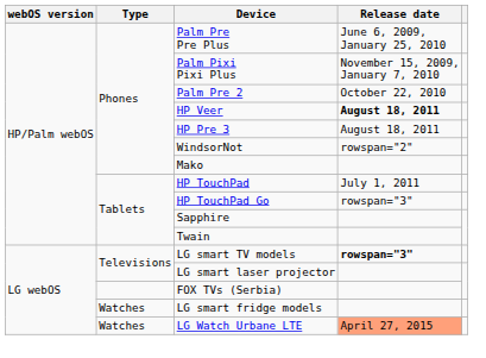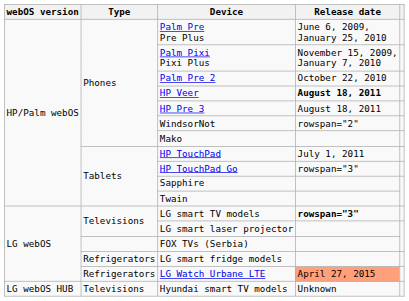 <table class="wikitable">
 <tr>
 <th>webOS version</th>
 <th>Type</th>
 <th>Device</th>
 <th>Release date</th>
 <th></th>
 </tr>
 <tr>
 <td rowspan="11">HP/Palm webOS</td>
 <td rowspan="7">Phones</td>
 <td><a href='#'>Palm Pre</a><br>Pre Plus</td>
 <td>June 6, 2009,<br>January 25, 2010</td>
 <td></td>
 </tr>
 <tr>
 <td><a href='#'>Palm Pixi</a><br>Pixi Plus</td>
 <td>November 15, 2009,<br>January 7, 2010</td>
 <td></td>
 </tr>
 <tr>
 <td><a href='#'>Palm Pre 2</a></td>
 <td>October 22, 2010</td>
 <td></td>
 </tr>
 <tr>
 <td><a href='#'>HP Veer</a></td>
 <td><strong>August 18, 2011</strong></td>
 <td></td>
 </tr>
 <tr>
 <td><a href='#'>HP Pre 3</a></td>
 <td>August 18, 2011</td>
 <td></td>
 </tr>
 <tr>
 <td>WindsorNot</td>
 <td>rowspan="2" </td>
 <td></td>
 </tr>
 <tr>
 <td>Mako</td>
 <td></td>
 </tr>
 <tr>
 <td rowspan="4">Tablets</td>
 <td><a href='#'>HP TouchPad</a></td>
 <td>July 1, 2011</td>
 <td></td>
 </tr>
 <tr>
 <td><a href='#'>HP TouchPad Go</a></td>
 <td>rowspan="3" </td>
 <td></td>
 </tr>
 <tr>
 <td>Sapphire</td>
 <td></td>
 </tr>
 <tr>
 <td>Twain</td>
 <td></td>
 </tr>
 <tr>
 <td rowspan="5">LG webOS</td>
 <td rowspan="2">Televisions</td>
 <td>LG smart TV models</td>
 <td><strong>rowspan="3" </strong></td>
 <td></td>
 </tr>
 <tr>
 <td>LG smart laser projector</td>
 <td></td>
 </tr>
 <tr>
 <td></td>
 <td>FOX TVs (Serbia)</td>
 <td></td>
 </tr>
 <tr>
-<td>Watches</td>
+<td>Refrigerators</td>
 <td>LG smart fridge models</td>
 <td></td>
 <td></td>
 </tr>
 <tr>
-<td>Watches</td>
+<td>Refrigerators</td>
 <td><a href='#'>LG Watch Urbane LTE</a></td>
 <td style="background: lightsalmon;">April 27, 2015</td>
 <td></td>
 </tr>
+<tr>
+<td>LG webOS HUB</td>
+<td>Televisions</td>
+<td>Hyundai smart TV models</td>
+<td>Unknown</td>
+<td></td>
+</tr>
 </table>
